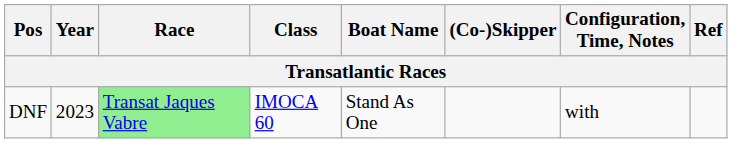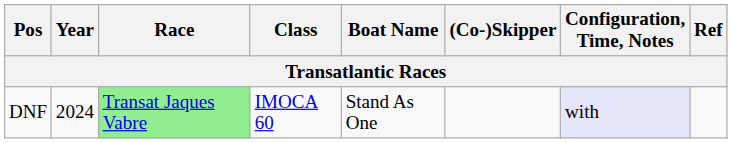 <table class="wikitable sortable">
 <tr>
 <th>Pos</th>
 <th>Year</th>
 <th>Race</th>
 <th>Class</th>
 <th>Boat Name</th>
 <th>(Co-)Skipper</th>
 <th>Configuration,<br>Time, Notes</th>
 <th>Ref</th>
 </tr>
 <tr>
 <th colspan="8"><strong>Transatlantic Races</strong></th>
 </tr>
 <tr>
 <td>DNF</td>
-<td>2023</td>
+<td>2024</td>
 <td style="background: lightgreen;"><a href='#'>Transat Jaques Vabre</a></td>
 <td><a href='#'>IMOCA 60</a></td>
 <td>Stand As One</td>
 <td></td>
-<td>with </td>
+<td style="background: lavender;">with </td>
 <td></td>
 </tr>
 </table>
